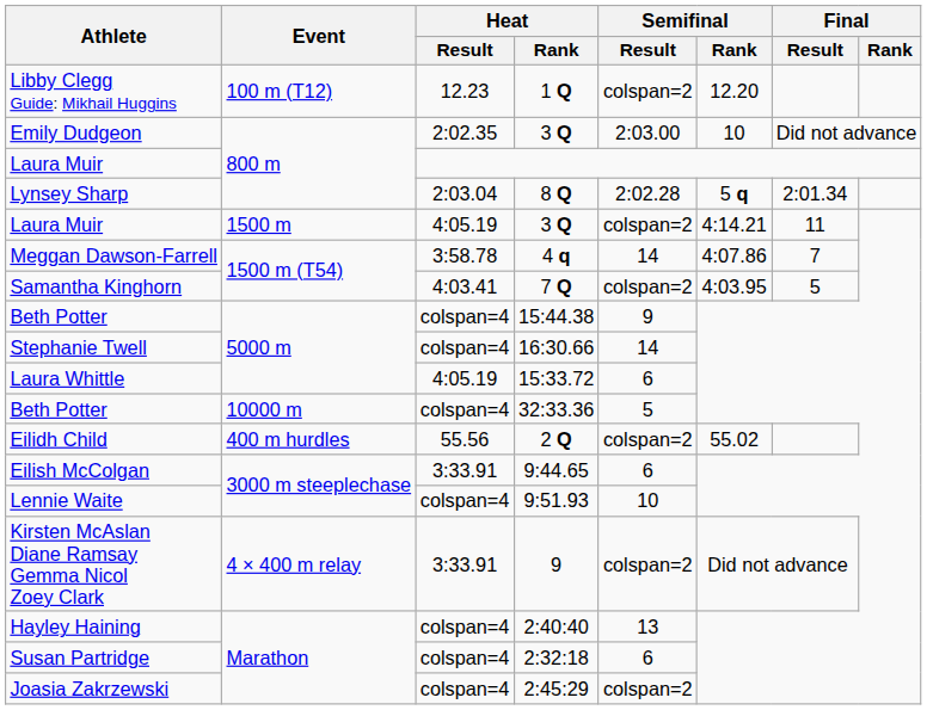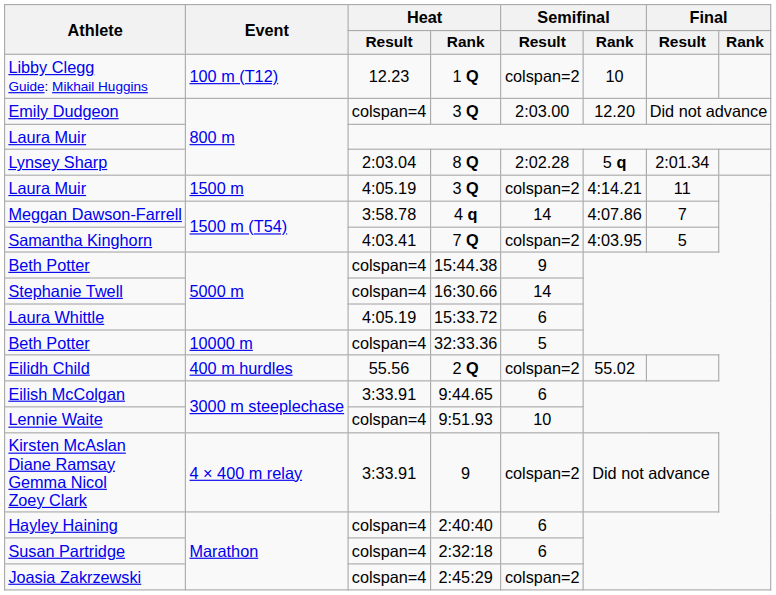 <table class="wikitable" style="font-size:90%">
 <tr>
 <th rowspan=2>Athlete</th>
 <th rowspan=2>Event</th>
 <th colspan=2>Heat</th>
 <th colspan=2>Semifinal</th>
 <th colspan=2>Final</th>
 </tr>
 <tr style="font-size:95%">
 <th>Result</th>
 <th>Rank</th>
 <th>Result</th>
 <th>Rank</th>
 <th>Result</th>
 <th>Rank</th>
 </tr>
 <tr align=center>
 <td align=left><a href='#'>Libby Clegg</a><br><small><a href='#'>Guide</a>: <a href='#'>Mikhail Huggins</a></small></td>
 <td align=left><a href='#'>100 m (T12)</a></td>
 <td>12.23</td>
 <td>1 <strong>Q</strong></td>
 <td>colspan=2 </td>
-<td>12.20</td>
+<td>10</td>
 <td></td>
 </tr>
 <tr align=center>
 <td align=left><a href='#'>Emily Dudgeon</a></td>
 <td align=left rowspan=3><a href='#'>800 m</a></td>
-<td>2:02.35</td>
+<td>colspan=4 </td>
 <td>3 <strong>Q</strong></td>
 <td>2:03.00</td>
-<td>10</td>
+<td>12.20</td>
 <td colspan=2>Did not advance</td>
 </tr>
 <tr align=center>
 <td align=left><a href='#'>Laura Muir</a></td>
 <td colspan=6></td>
 </tr>
 <tr align=center>
 <td align=left><a href='#'>Lynsey Sharp</a></td>
 <td>2:03.04</td>
 <td>8 <strong>Q</strong></td>
 <td>2:02.28</td>
 <td>5 <strong>q</strong></td>
 <td>2:01.34</td>
 <td></td>
 </tr>
 <tr align=center>
 <td align=left><a href='#'>Laura Muir</a></td>
 <td align=left><a href='#'>1500 m</a></td>
 <td>4:05.19</td>
 <td>3 <strong>Q</strong></td>
 <td>colspan=2 </td>
 <td>4:14.21</td>
 <td>11</td>
 </tr>
 <tr align=center>
 <td align=left><a href='#'>Meggan Dawson-Farrell</a></td>
 <td align=left rowspan=2><a href='#'>1500 m (T54)</a></td>
 <td>3:58.78</td>
 <td>4 <strong>q</strong></td>
 <td>14</td>
 <td>4:07.86</td>
 <td>7</td>
 </tr>
 <tr align=center>
 <td align=left><a href='#'>Samantha Kinghorn</a></td>
 <td>4:03.41</td>
 <td>7 <strong>Q</strong></td>
 <td>colspan=2 </td>
 <td>4:03.95</td>
 <td>5</td>
 </tr>
 <tr align=center>
 <td align=left><a href='#'>Beth Potter</a></td>
 <td align=left rowspan=3><a href='#'>5000 m</a></td>
 <td>colspan=4 </td>
 <td>15:44.38</td>
 <td>9</td>
 </tr>
 <tr align=center>
 <td align=left><a href='#'>Stephanie Twell</a></td>
 <td>colspan=4 </td>
 <td>16:30.66</td>
 <td>14</td>
 </tr>
 <tr align=center>
 <td align=left><a href='#'>Laura Whittle</a></td>
 <td>4:05.19</td>
 <td>15:33.72</td>
 <td>6</td>
 </tr>
 <tr align=center>
 <td align=left><a href='#'>Beth Potter</a></td>
 <td align=left><a href='#'>10000 m</a></td>
 <td>colspan=4 </td>
 <td>32:33.36</td>
 <td>5</td>
 </tr>
 <tr align=center>
 <td align=left><a href='#'>Eilidh Child</a></td>
 <td align=left><a href='#'>400 m hurdles</a></td>
 <td>55.56</td>
 <td>2 <strong>Q</strong></td>
 <td>colspan=2 </td>
 <td>55.02</td>
 <td></td>
 </tr>
 <tr align=center>
 <td align=left><a href='#'>Eilish McColgan</a></td>
 <td align=left rowspan=2><a href='#'>3000 m steeplechase</a></td>
 <td>3:33.91</td>
 <td>9:44.65</td>
 <td>6</td>
 </tr>
 <tr align=center>
 <td align=left><a href='#'>Lennie Waite</a></td>
 <td>colspan=4 </td>
 <td>9:51.93</td>
 <td>10</td>
 </tr>
 <tr align=center>
 <td align=left><a href='#'>Kirsten McAslan</a><br><a href='#'>Diane Ramsay</a><br><a href='#'>Gemma Nicol</a><br><a href='#'>Zoey Clark</a></td>
 <td align=left><a href='#'>4 × 400 m relay</a></td>
 <td>3:33.91</td>
 <td>9</td>
 <td>colspan=2 </td>
 <td colspan=2>Did not advance</td>
 </tr>
 <tr align=center>
 <td align=left><a href='#'>Hayley Haining</a></td>
 <td align=left rowspan=3><a href='#'>Marathon</a></td>
 <td>colspan=4 </td>
 <td>2:40:40</td>
-<td>13</td>
+<td>6</td>
 </tr>
 <tr align=center>
 <td align=left><a href='#'>Susan Partridge</a></td>
 <td>colspan=4 </td>
 <td>2:32:18</td>
 <td>6</td>
 </tr>
 <tr align=center>
 <td align=left><a href='#'>Joasia Zakrzewski</a></td>
 <td>colspan=4 </td>
 <td>2:45:29</td>
 <td>colspan=2 </td>
 </tr>
 </table>
